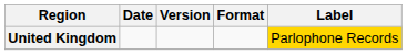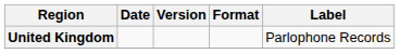 <table class="wikitable plainrowheaders" style="text-align:center;">
 <tr>
 <th>Region</th>
 <th>Date</th>
 <th>Version</th>
 <th>Format</th>
 <th>Label</th>
 </tr>
 <tr>
 <th scope="row">United Kingdom</th>
 <td></td>
 <td></td>
 <td></td>
-<td style="background: gold;">Parlophone Records</td>
+<td>Parlophone Records</td>
 </tr>
 <tr>
 </tr>
 </table>
